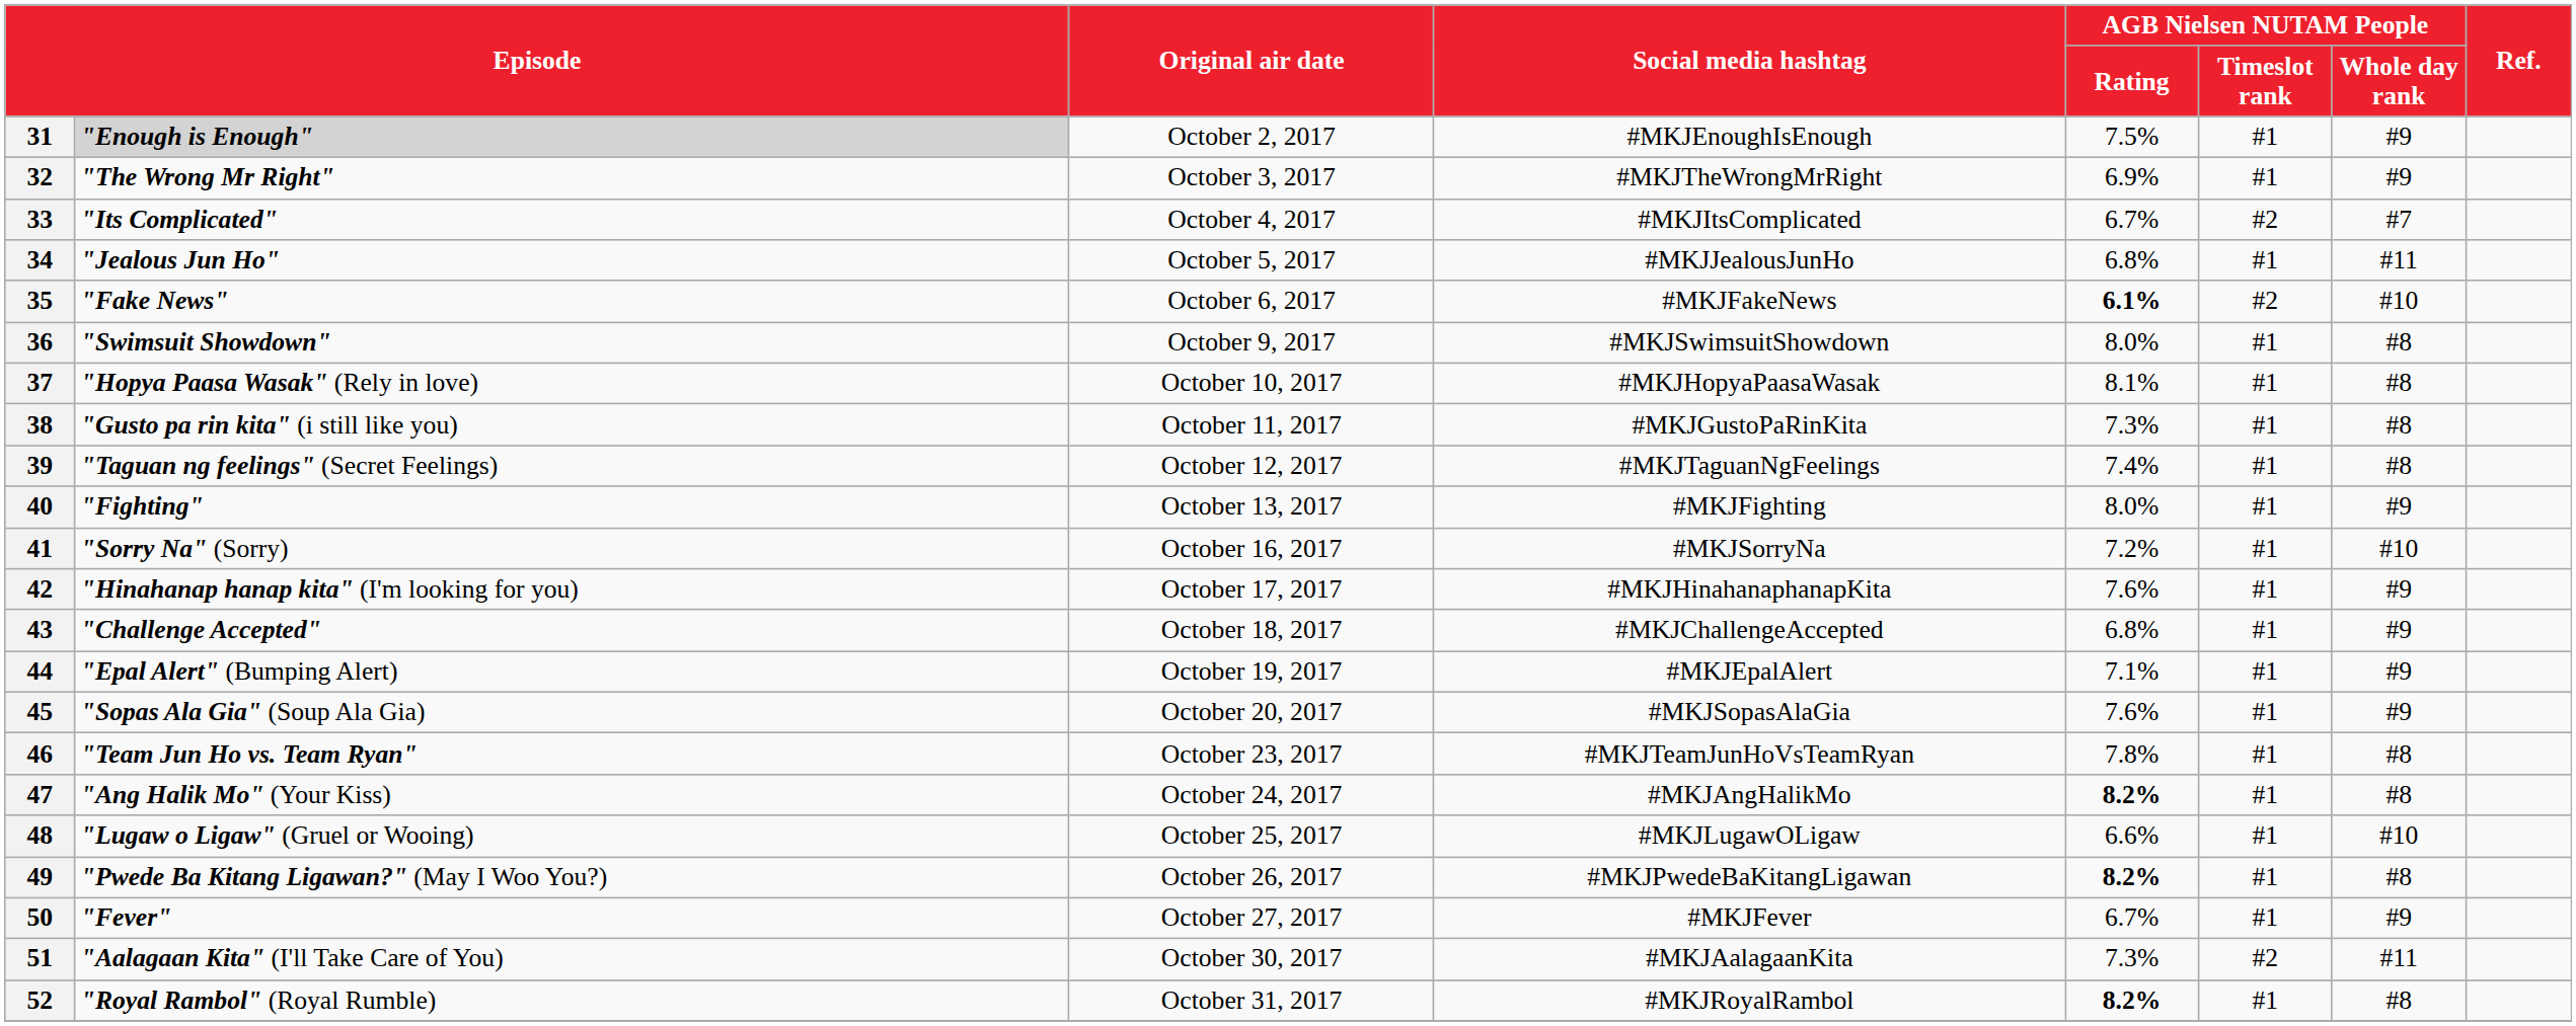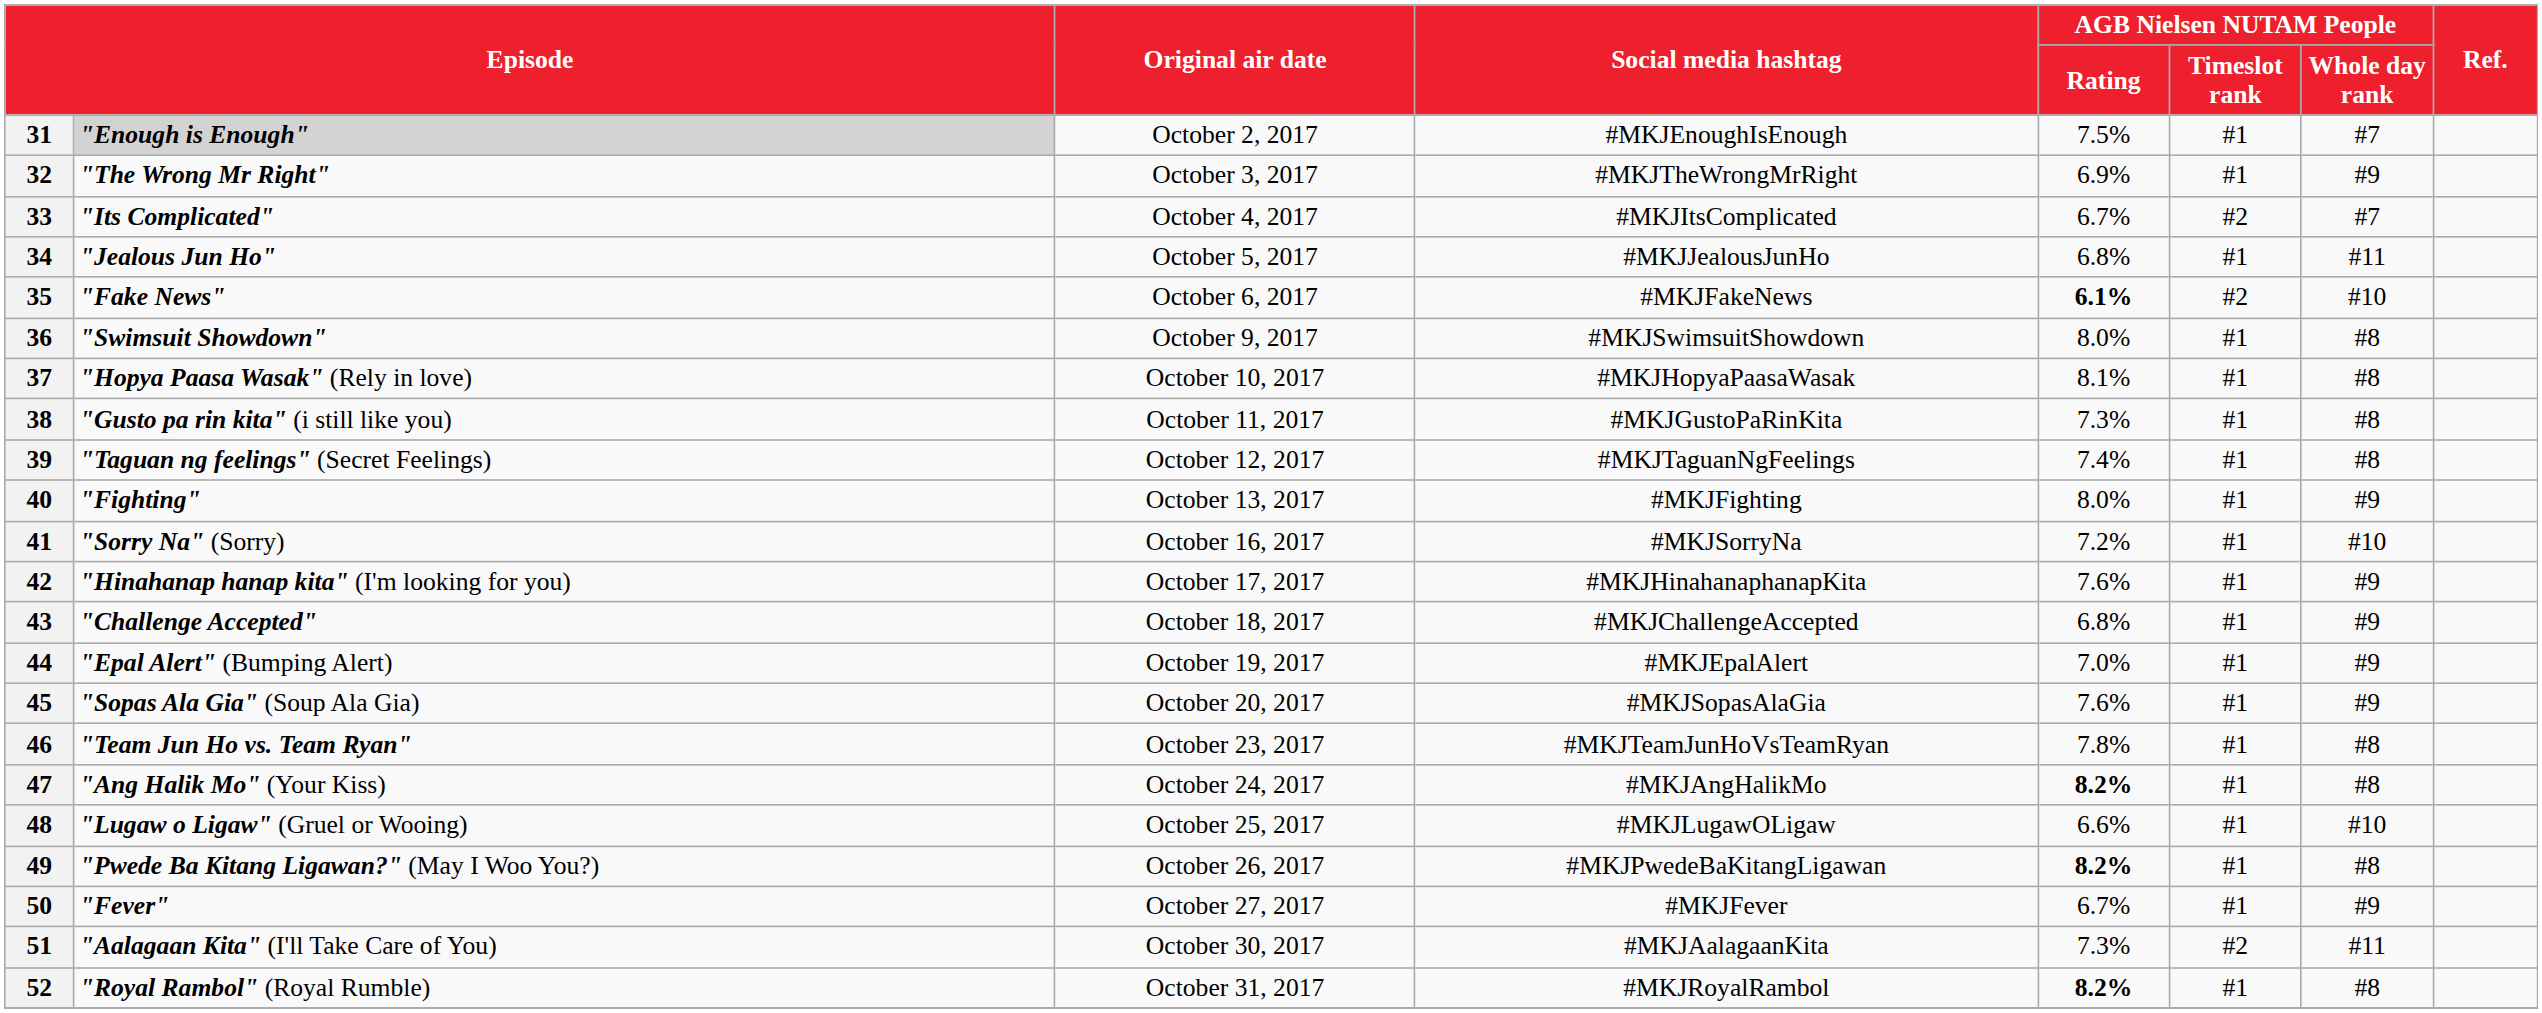 <table class="wikitable" style="text-align:center; font-size:100%; line-height:18px;"  width="100%">
 <tr>
 <th style="background-color:#ee202d; color:#ffffff;" colspan="2" rowspan="2">Episode</th>
 <th style="background:#ee202d; color:white" rowspan="2">Original air date</th>
 <th style="background:#ee202d; color:white" rowspan="2">Social media hashtag</th>
 <th style="background-color:#ee202d; color:#ffffff;" colspan="3">AGB Nielsen NUTAM People</th>
 <th style="background-color:#ee202d; color:#ffffff;" rowspan="2">Ref.</th>
 </tr>
 <tr>
 <th style="background-color:#ee202d; width:75px; color:#ffffff;">Rating</th>
 <th style="background-color:#ee202d; width:75px; color:#ffffff;">Timeslot<br>rank</th>
 <th style="background-color:#ee202d; width:75px; color:#ffffff;">Whole day<br>rank</th>
 </tr>
 <tr>
 <th>31</th>
 <td style="background: lightgrey; text-align: left;"><strong><em>"Enough is Enough"</em></strong></td>
 <td>October 2, 2017</td>
 <td>#MKJEnoughIsEnough</td>
 <td>7.5%</td>
 <td>#1</td>
-<td>#9</td>
+<td>#7</td>
 <td></td>
 </tr>
 <tr>
 <th>32</th>
 <td style="text-align: left;"><strong><em>"The Wrong Mr Right"</em></strong></td>
 <td>October 3, 2017</td>
 <td>#MKJTheWrongMrRight</td>
 <td>6.9%</td>
 <td>#1</td>
 <td>#9</td>
 <td></td>
 </tr>
 <tr>
 <th>33</th>
 <td style="text-align: left;"><strong><em>"Its Complicated"</em></strong></td>
 <td>October 4, 2017</td>
 <td>#MKJItsComplicated</td>
 <td>6.7%</td>
 <td>#2</td>
 <td>#7</td>
 <td></td>
 </tr>
 <tr>
 <th>34</th>
 <td style="text-align: left;"><strong><em>"Jealous Jun Ho"</em></strong></td>
 <td>October 5, 2017</td>
 <td>#MKJJealousJunHo</td>
 <td>6.8%</td>
 <td>#1</td>
 <td>#11</td>
 <td></td>
 </tr>
 <tr>
 <th>35</th>
 <td style="text-align: left;"><strong><em>"Fake News"</em></strong></td>
 <td>October 6, 2017</td>
 <td>#MKJFakeNews</td>
 <td><span><strong>6.1%</strong></span></td>
 <td>#2</td>
 <td>#10</td>
 <td></td>
 </tr>
 <tr>
 <th>36</th>
 <td style="text-align: left;"><strong><em>"Swimsuit Showdown"</em></strong></td>
 <td>October 9, 2017</td>
 <td>#MKJSwimsuitShowdown</td>
 <td>8.0%</td>
 <td>#1</td>
 <td>#8</td>
 <td></td>
 </tr>
 <tr>
 <th>37</th>
 <td style="text-align: left;"><strong><em>"Hopya Paasa Wasak"</em></strong> (Rely in love)</td>
 <td>October 10, 2017</td>
 <td>#MKJHopyaPaasaWasak</td>
 <td>8.1%</td>
 <td>#1</td>
 <td>#8</td>
 <td></td>
 </tr>
 <tr>
 <th>38</th>
 <td style="text-align: left;"><strong><em>"Gusto pa rin kita"</em></strong> (i still like you)</td>
 <td>October 11, 2017</td>
 <td>#MKJGustoPaRinKita</td>
 <td>7.3%</td>
 <td>#1</td>
 <td>#8</td>
 <td></td>
 </tr>
 <tr>
 <th>39</th>
 <td style="text-align: left;"><strong><em>"Taguan ng feelings"</em></strong> (Secret Feelings)</td>
 <td>October 12, 2017</td>
 <td>#MKJTaguanNgFeelings</td>
 <td>7.4%</td>
 <td>#1</td>
 <td>#8</td>
 <td></td>
 </tr>
 <tr>
 <th>40</th>
 <td style="text-align: left;"><strong><em>"Fighting"</em></strong></td>
 <td>October 13, 2017</td>
 <td>#MKJFighting</td>
 <td>8.0%</td>
 <td>#1</td>
 <td>#9</td>
 <td></td>
 </tr>
 <tr>
 <th>41</th>
 <td style="text-align: left;"><strong><em>"Sorry Na"</em></strong> (Sorry)</td>
 <td>October 16, 2017</td>
 <td>#MKJSorryNa</td>
 <td>7.2%</td>
 <td>#1</td>
 <td>#10</td>
 <td></td>
 </tr>
 <tr>
 <th>42</th>
 <td style="text-align: left;"><strong><em>"Hinahanap hanap kita"</em></strong> (I'm looking for you)</td>
 <td>October 17, 2017</td>
 <td>#MKJHinahanaphanapKita</td>
 <td>7.6%</td>
 <td>#1</td>
 <td>#9</td>
 <td></td>
 </tr>
 <tr>
 <th>43</th>
 <td style="text-align: left;"><strong><em>"Challenge Accepted"</em></strong></td>
 <td>October 18, 2017</td>
 <td>#MKJChallengeAccepted</td>
 <td>6.8%</td>
 <td>#1</td>
 <td>#9</td>
 <td></td>
 </tr>
 <tr>
 <th>44</th>
 <td style="text-align: left;"><strong><em>"Epal Alert"</em></strong> (Bumping Alert)</td>
 <td>October 19, 2017</td>
 <td>#MKJEpalAlert</td>
-<td>7.1%</td>
+<td>7.0%</td>
 <td>#1</td>
 <td>#9</td>
 <td></td>
 </tr>
 <tr>
 <th>45</th>
 <td style="text-align: left;"><strong><em>"Sopas Ala Gia"</em></strong> (Soup Ala Gia)</td>
 <td>October 20, 2017</td>
 <td>#MKJSopasAlaGia</td>
 <td>7.6%</td>
 <td>#1</td>
 <td>#9</td>
 <td></td>
 </tr>
 <tr>
 <th>46</th>
 <td style="text-align: left;"><strong><em>"Team Jun Ho vs. Team Ryan"</em></strong></td>
 <td>October 23, 2017</td>
 <td>#MKJTeamJunHoVsTeamRyan</td>
 <td>7.8%</td>
 <td>#1</td>
 <td>#8</td>
 <td></td>
 </tr>
 <tr>
 <th>47</th>
 <td style="text-align: left;"><strong><em>"Ang Halik Mo"</em></strong> (Your Kiss)</td>
 <td>October 24, 2017</td>
 <td>#MKJAngHalikMo</td>
 <td><span><strong>8.2%</strong></span></td>
 <td>#1</td>
 <td>#8</td>
 <td></td>
 </tr>
 <tr>
 <th>48</th>
 <td style="text-align: left;"><strong><em>"Lugaw o Ligaw"</em></strong> (Gruel or Wooing)</td>
 <td>October 25, 2017</td>
 <td>#MKJLugawOLigaw</td>
 <td>6.6%</td>
 <td>#1</td>
 <td>#10</td>
 <td></td>
 </tr>
 <tr>
 <th>49</th>
 <td style="text-align: left;"><strong><em>"Pwede Ba Kitang Ligawan?"</em></strong> (May I Woo You?)</td>
 <td>October 26, 2017</td>
 <td>#MKJPwedeBaKitangLigawan</td>
 <td><span><strong>8.2%</strong></span></td>
 <td>#1</td>
 <td>#8</td>
 <td></td>
 </tr>
 <tr>
 <th>50</th>
 <td style="text-align: left;"><strong><em>"Fever"</em></strong></td>
 <td>October 27, 2017</td>
 <td>#MKJFever</td>
 <td>6.7%</td>
 <td>#1</td>
 <td>#9</td>
 <td></td>
 </tr>
 <tr>
 <th>51</th>
 <td style="text-align: left;"><strong><em>"Aalagaan Kita"</em></strong> (I'll Take Care of You)</td>
 <td>October 30, 2017</td>
 <td>#MKJAalagaanKita</td>
 <td>7.3%</td>
 <td>#2</td>
 <td>#11</td>
 <td></td>
 </tr>
 <tr>
 <th>52</th>
 <td style="text-align: left;"><strong><em>"Royal Rambol"</em></strong> (Royal Rumble)</td>
 <td>October 31, 2017</td>
 <td>#MKJRoyalRambol</td>
 <td><span><strong>8.2%</strong></span></td>
 <td>#1</td>
 <td>#8</td>
 <td></td>
 </tr>
 <tr>
 </tr>
 </table>
